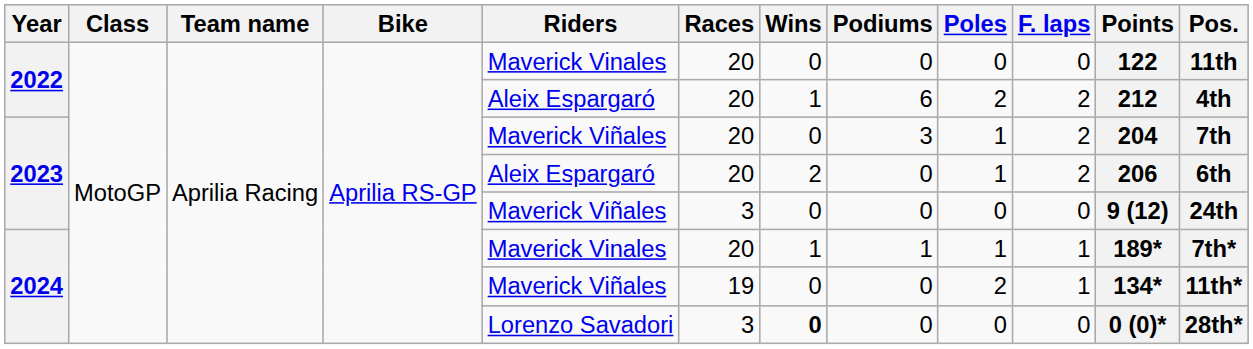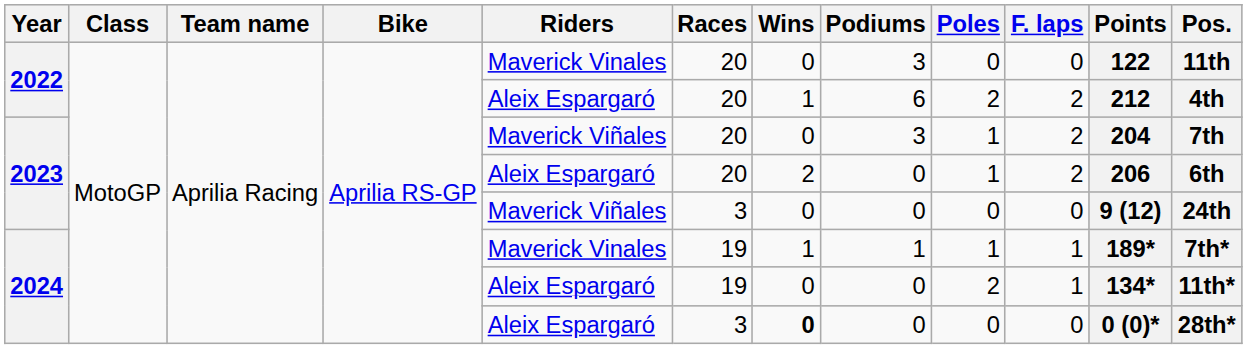 <table class="wikitable" style="text-align:right; font-size:95%">
 <tr>
 <th scope="col">Year</th>
 <th scope="col">Class</th>
 <th scope="col">Team name</th>
 <th scope="col">Bike</th>
 <th scope="col">Riders</th>
 <th scope="col">Races</th>
 <th scope="col">Wins</th>
 <th scope="col">Podiums</th>
 <th scope="col"><a href='#'>Poles</a></th>
 <th scope="col"><a href='#'>F. laps</a></th>
 <th scope="col">Points</th>
 <th scope="col">Pos.</th>
 </tr>
 <tr>
 <th rowspan=2><a href='#'>2022</a></th>
 <td rowspan="8">MotoGP</td>
 <td rowspan="8">Aprilia Racing</td>
 <td rowspan="8" align="left"><a href='#'>Aprilia RS-GP</a></td>
 <td align=left> <a href='#'>Maverick Vinales</a></td>
 <td>20</td>
 <td>0</td>
-<td>0</td>
+<td>3</td>
 <td>0</td>
 <td>0</td>
 <th>122</th>
 <th>11th</th>
 </tr>
 <tr>
 <td align=left> <a href='#'>Aleix Espargaró</a></td>
 <td>20</td>
 <td>1</td>
 <td>6</td>
 <td>2</td>
 <td>2</td>
 <th>212</th>
 <th>4th</th>
 </tr>
 <tr>
 <th rowspan=3><a href='#'>2023</a></th>
 <td align=left> <a href='#'>Maverick Viñales</a></td>
 <td>20</td>
 <td>0</td>
 <td>3</td>
 <td>1</td>
 <td>2</td>
 <th>204</th>
 <th>7th</th>
 </tr>
 <tr>
 <td align=left> <a href='#'>Aleix Espargaró</a></td>
 <td>20</td>
 <td>2</td>
 <td>0</td>
 <td>1</td>
 <td>2</td>
 <th>206</th>
 <th>6th</th>
 </tr>
 <tr>
 <td align=left> <a href='#'>Maverick Viñales</a></td>
 <td>3</td>
 <td>0</td>
 <td>0</td>
 <td>0</td>
 <td>0</td>
 <th>9 (12)</th>
 <th>24th</th>
 </tr>
 <tr>
 <th rowspan=3><a href='#'>2024</a></th>
 <td align=left> <a href='#'>Maverick Vinales</a></td>
-<td>20</td>
+<td>19</td>
 <td>1</td>
 <td>1</td>
 <td>1</td>
 <td>1</td>
 <th>189*</th>
 <th>7th*</th>
 </tr>
 <tr>
-<td align=left> <a href='#'>Maverick Viñales</a></td>
+<td align=left> <a href='#'>Aleix Espargaró</a></td>
 <td>19</td>
 <td>0</td>
 <td>0</td>
 <td>2</td>
 <td>1</td>
 <th>134*</th>
 <th>11th*</th>
 </tr>
 <tr>
-<td align=left> <a href='#'>Lorenzo Savadori</a></td>
+<td align=left> <a href='#'>Aleix Espargaró</a></td>
 <td>3</td>
 <td><strong>0</strong></td>
 <td>0</td>
 <td>0</td>
 <td>0</td>
 <th>0 (0)*</th>
 <th>28th*</th>
 </tr>
 </table>
